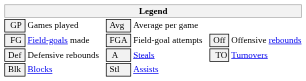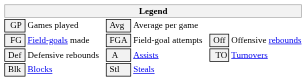 <table class="toccolours" style="font-size: 80%; white-space: nowrap;">
 <tr>
 <th colspan="6" style="background:#f2f2f2; border:1px solid #aaa;">Legend</th>
 </tr>
 <tr>
 <td style="background:#f2f2f2; border:1px solid black;">  GP </td>
 <td>Games played</td>
 <td style="background:#f2f2f2; border:1px solid black;"> Avg </td>
 <td>Average per game</td>
 </tr>
 <tr>
 <td style="background:#f2f2f2; border:1px solid black;">  FG </td>
 <td style="padding-right: 8px"><a href='#'>Field-goals</a> made</td>
 <td style="background:#f2f2f2; border:1px solid black;"> FGA </td>
 <td style="padding-right: 8px">Field-goal attempts</td>
 <td style="background:#f2f2f2; border:1px solid black;"> Off </td>
 <td>Offensive <a href='#'>rebounds</a></td>
 </tr>
 <tr>
 <td style="background:#f2f2f2; border:1px solid black;"> Def </td>
 <td style="padding-right: 8px">Defensive rebounds</td>
 <td style="background:#f2f2f2; border:1px solid black;">  A </td>
-<td><a href='#'>Steals</a></td>
+<td style="padding-right: 8px"><a href='#'>Assists</a></td>
 <td style="background:#f2f2f2; border:1px solid black;">  TO</td>
 <td><a href='#'>Turnovers</a></td>
 </tr>
 <tr>
 <td style="background:#f2f2f2; border:1px solid black;"> Blk </td>
 <td><a href='#'>Blocks</a></td>
 <td style="background:#f2f2f2; border:1px solid black;"> Stl </td>
-<td style="padding-right: 8px"><a href='#'>Assists</a></td>
+<td><a href='#'>Steals</a></td>
 </tr>
 </table>
